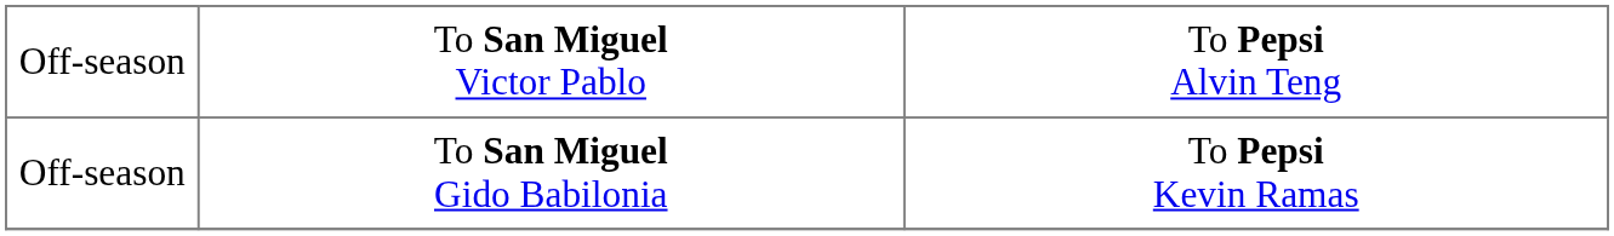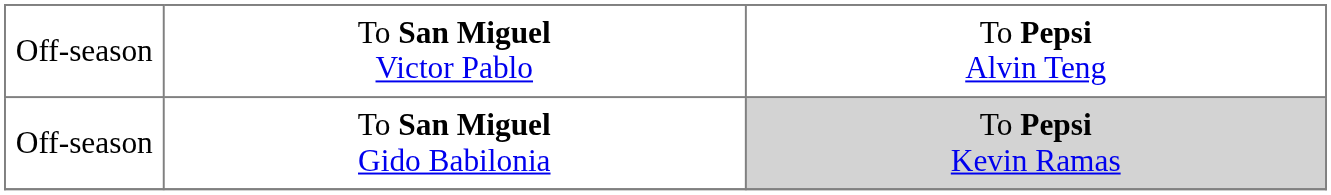 <table border="1" style="border-collapse:collapse; text-align: center" cellpadding="5">
 <tr>
 <td style="width:12%">Off-season</td>
 <td style="width:44%" valign="top">To <strong>San Miguel</strong><br><a href='#'>Victor Pablo</a></td>
 <td style="width:44%" valign="top">To <strong>Pepsi</strong><br><a href='#'>Alvin Teng</a></td>
 </tr>
 <tr>
 <td style="width:12%">Off-season</td>
 <td style="width:44%" valign="top">To <strong>San Miguel</strong><br><a href='#'>Gido Babilonia</a></td>
-<td style="width:44%" valign="top">To <strong>Pepsi</strong><br><a href='#'>Kevin Ramas</a></td>
+<td style="background: lightgrey; width:44%" valign="top">To <strong>Pepsi</strong><br><a href='#'>Kevin Ramas</a></td>
 </tr>
 <tr>
 </tr>
 </table>
